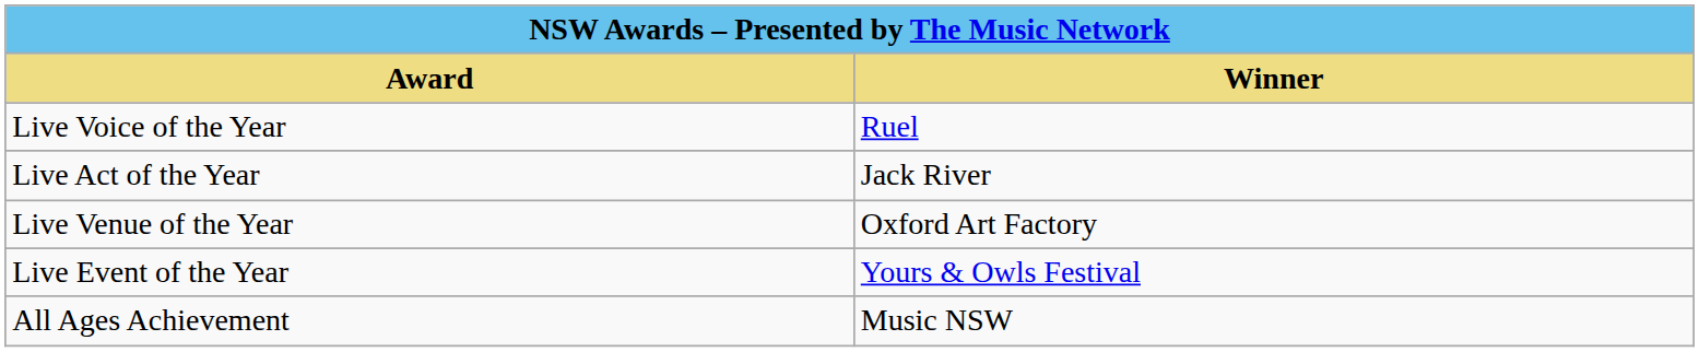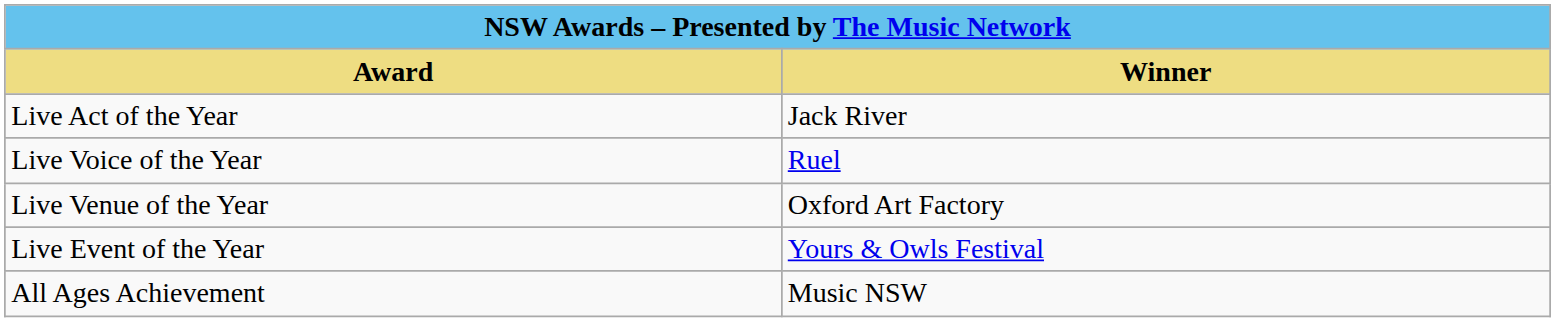 <table class="wikitable" width=100%>
 <tr>
 <th colspan="2" ! style="width:15%;background:#64C2ED">NSW Awards – Presented by <a href='#'>The Music Network</a></th>
 </tr>
 <tr>
 <th style="width:10%;background:#EEDD82;">Award</th>
 <th style="width:10%;background:#EEDD82;">Winner</th>
 </tr>
 <tr>
+<td>Live Act of the Year</td>
+<td>Jack River</td>
+</tr>
+<tr>
 <td>Live Voice of the Year</td>
 <td><a href='#'>Ruel</a></td>
-</tr>
-<tr>
-<td>Live Act of the Year</td>
-<td>Jack River</td>
 </tr>
 <tr>
 <td>Live Venue of the Year</td>
 <td>Oxford Art Factory</td>
 </tr>
 <tr>
 <td>Live Event of the Year</td>
 <td><a href='#'>Yours & Owls Festival</a></td>
 </tr>
 <tr>
 <td>All Ages Achievement</td>
 <td>Music NSW</td>
 </tr>
 </table>
